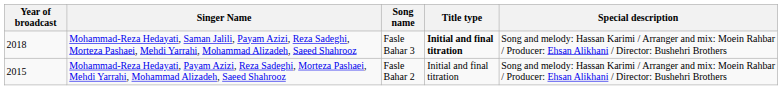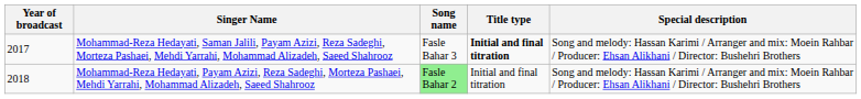 <table class="wikitable">
 <tr>
 <th>Year of broadcast</th>
 <th>Singer Name</th>
 <th>Song name</th>
 <th>Title type</th>
 <th>Special description</th>
 </tr>
 <tr>
-<td>2018</td>
+<td>2017</td>
 <td><a href='#'>Mohammad-Reza Hedayati</a>, <a href='#'>Saman Jalili</a>, <a href='#'>Payam Azizi</a>, <a href='#'>Reza Sadeghi</a>, <a href='#'>Morteza Pashaei</a>, <a href='#'>Mehdi Yarrahi</a>, <a href='#'>Mohammad Alizadeh</a>, <a href='#'>Saeed Shahrooz</a></td>
 <td>Fasle Bahar 3</td>
 <td><strong>Initial and final titration</strong></td>
 <td>Song and melody: Hassan Karimi / Arranger and mix: Moein Rahbar / Producer: <a href='#'>Ehsan Alikhani</a> / Director: Bushehri Brothers</td>
 </tr>
 <tr>
-<td>2015</td>
+<td>2018</td>
 <td><a href='#'>Mohammad-Reza Hedayati</a>, <a href='#'>Payam Azizi</a>, <a href='#'>Reza Sadeghi</a>, <a href='#'>Morteza Pashaei</a>, <a href='#'>Mehdi Yarrahi</a>, <a href='#'>Mohammad Alizadeh</a>, <a href='#'>Saeed Shahrooz</a></td>
-<td>Fasle Bahar 2</td>
+<td style="background: lightgreen;">Fasle Bahar 2</td>
 <td>Initial and final titration</td>
 <td>Song and melody: Hassan Karimi / Arranger and mix: Moein Rahbar / Producer: <a href='#'>Ehsan Alikhani</a> / Director: Bushehri Brothers</td>
 </tr>
 </table>
